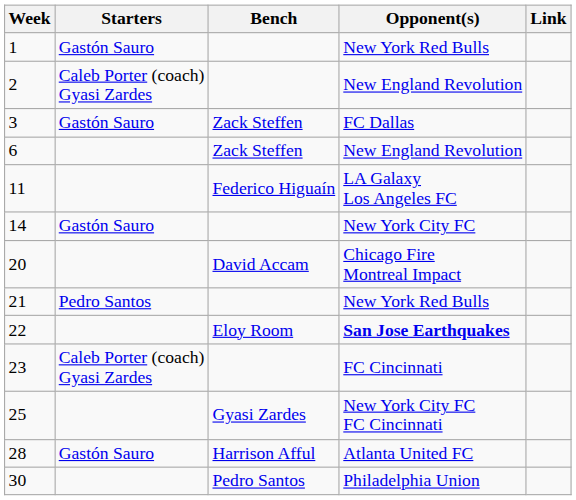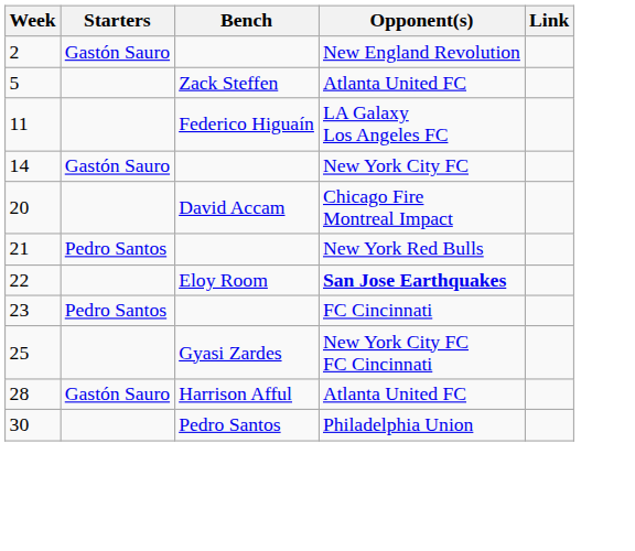 <table class=wikitable style="display:inline-table;">
 <tr>
 <th>Week</th>
 <th>Starters</th>
 <th>Bench</th>
 <th>Opponent(s)</th>
 <th>Link</th>
 </tr>
 <tr>
-<td>1</td>
+<td>2</td>
 <td> <a href='#'>Gastón Sauro</a></td>
-<td></td>
-<td> <a href='#'>New York Red Bulls</a></td>
-<td></td>
-</tr>
-<tr>
-<td>2</td>
-<td> <a href='#'>Caleb Porter</a> (coach)<br> <a href='#'>Gyasi Zardes</a></td>
 <td></td>
 <td> <a href='#'>New England Revolution</a></td>
 <td></td>
 </tr>
 <tr>
-<td>3</td>
-<td> <a href='#'>Gastón Sauro</a></td>
-<td> <a href='#'>Zack Steffen</a></td>
-<td> <a href='#'>FC Dallas</a></td>
-<td></td>
-</tr>
-<tr>
-<td>6</td>
+<td>5</td>
 <td></td>
 <td> <a href='#'>Zack Steffen</a></td>
-<td> <a href='#'>New England Revolution</a></td>
+<td> <a href='#'>Atlanta United FC</a></td>
 <td></td>
 </tr>
 <tr>
 <td>11</td>
 <td></td>
 <td> <a href='#'>Federico Higuaín</a></td>
 <td> <a href='#'>LA Galaxy</a><br> <a href='#'>Los Angeles FC</a></td>
 <td></td>
 </tr>
 <tr>
 <td>14</td>
 <td> <a href='#'>Gastón Sauro</a></td>
 <td></td>
 <td> <a href='#'>New York City FC</a></td>
 <td></td>
 </tr>
 <tr>
 <td>20</td>
 <td></td>
 <td> <a href='#'>David Accam</a></td>
 <td> <a href='#'>Chicago Fire</a><br> <a href='#'>Montreal Impact</a></td>
 <td></td>
 </tr>
 <tr>
 <td>21</td>
 <td> <a href='#'>Pedro Santos</a></td>
 <td></td>
 <td> <a href='#'>New York Red Bulls</a></td>
 <td></td>
 </tr>
 <tr>
 <td>22</td>
 <td></td>
 <td> <a href='#'>Eloy Room</a></td>
 <td><strong> <a href='#'>San Jose Earthquakes</a></strong></td>
 <td></td>
 </tr>
 <tr>
 <td>23</td>
-<td> <a href='#'>Caleb Porter</a> (coach)<br> <a href='#'>Gyasi Zardes</a></td>
+<td> <a href='#'>Pedro Santos</a></td>
 <td></td>
 <td> <a href='#'>FC Cincinnati</a></td>
 <td></td>
 </tr>
 <tr>
 <td>25</td>
 <td></td>
 <td> <a href='#'>Gyasi Zardes</a></td>
 <td> <a href='#'>New York City FC</a><br> <a href='#'>FC Cincinnati</a></td>
 <td></td>
 </tr>
 <tr>
 <td>28</td>
 <td> <a href='#'>Gastón Sauro</a></td>
 <td> <a href='#'>Harrison Afful</a></td>
 <td> <a href='#'>Atlanta United FC</a></td>
 <td></td>
 </tr>
 <tr>
 <td>30</td>
 <td></td>
 <td> <a href='#'>Pedro Santos</a></td>
 <td> <a href='#'>Philadelphia Union</a></td>
 <td></td>
 </tr>
 </table>
